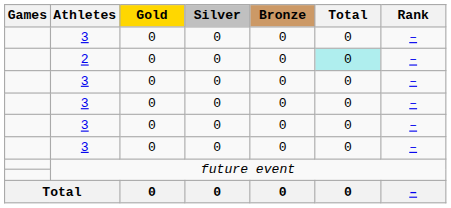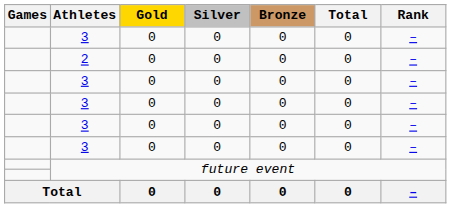 <table class="wikitable" style="text-align:center; font-size:90%;">
 <tr>
 <th>Games</th>
 <th>Athletes</th>
 <td style="background:gold; width:4.5em; font-weight:bold;">Gold</td>
 <td style="background:silver; width:4.5em; font-weight:bold;">Silver</td>
 <td style="background:#cc9966; width:4.5em; font-weight:bold;">Bronze</td>
 <th style="width:4.5em; font-weight:bold;">Total</th>
 <th style="width:4.5em; font-weight:bold;">Rank</th>
 </tr>
 <tr>
 <td align=left></td>
 <td><a href='#'>3</a></td>
 <td>0</td>
 <td>0</td>
 <td>0</td>
 <td>0</td>
 <td><a href='#'>–</a></td>
 </tr>
 <tr>
 <td align=left></td>
 <td><a href='#'>2</a></td>
 <td>0</td>
 <td>0</td>
 <td>0</td>
-<td style="background: paleturquoise;">0</td>
+<td>0</td>
 <td><a href='#'>–</a></td>
 </tr>
 <tr>
 <td align=left></td>
 <td><a href='#'>3</a></td>
 <td>0</td>
 <td>0</td>
 <td>0</td>
 <td>0</td>
 <td><a href='#'>–</a></td>
 </tr>
 <tr>
 <td align=left></td>
 <td><a href='#'>3</a></td>
 <td>0</td>
 <td>0</td>
 <td>0</td>
 <td>0</td>
 <td><a href='#'>–</a></td>
 </tr>
 <tr>
 <td align=left></td>
 <td><a href='#'>3</a></td>
 <td>0</td>
 <td>0</td>
 <td>0</td>
 <td>0</td>
 <td><a href='#'>–</a></td>
 </tr>
 <tr>
 <td align=left></td>
 <td><a href='#'>3</a></td>
 <td>0</td>
 <td>0</td>
 <td>0</td>
 <td>0</td>
 <td><a href='#'>–</a></td>
 </tr>
 <tr>
 <td align=left></td>
 <td colspan=6; rowspan=2><em>future event</em></td>
 </tr>
 <tr>
 <td align=left></td>
 </tr>
 <tr>
 <th colspan=2>Total</th>
 <th>0</th>
 <th>0</th>
 <th>0</th>
 <th>0</th>
 <th><a href='#'>–</a></th>
 </tr>
 </table>
